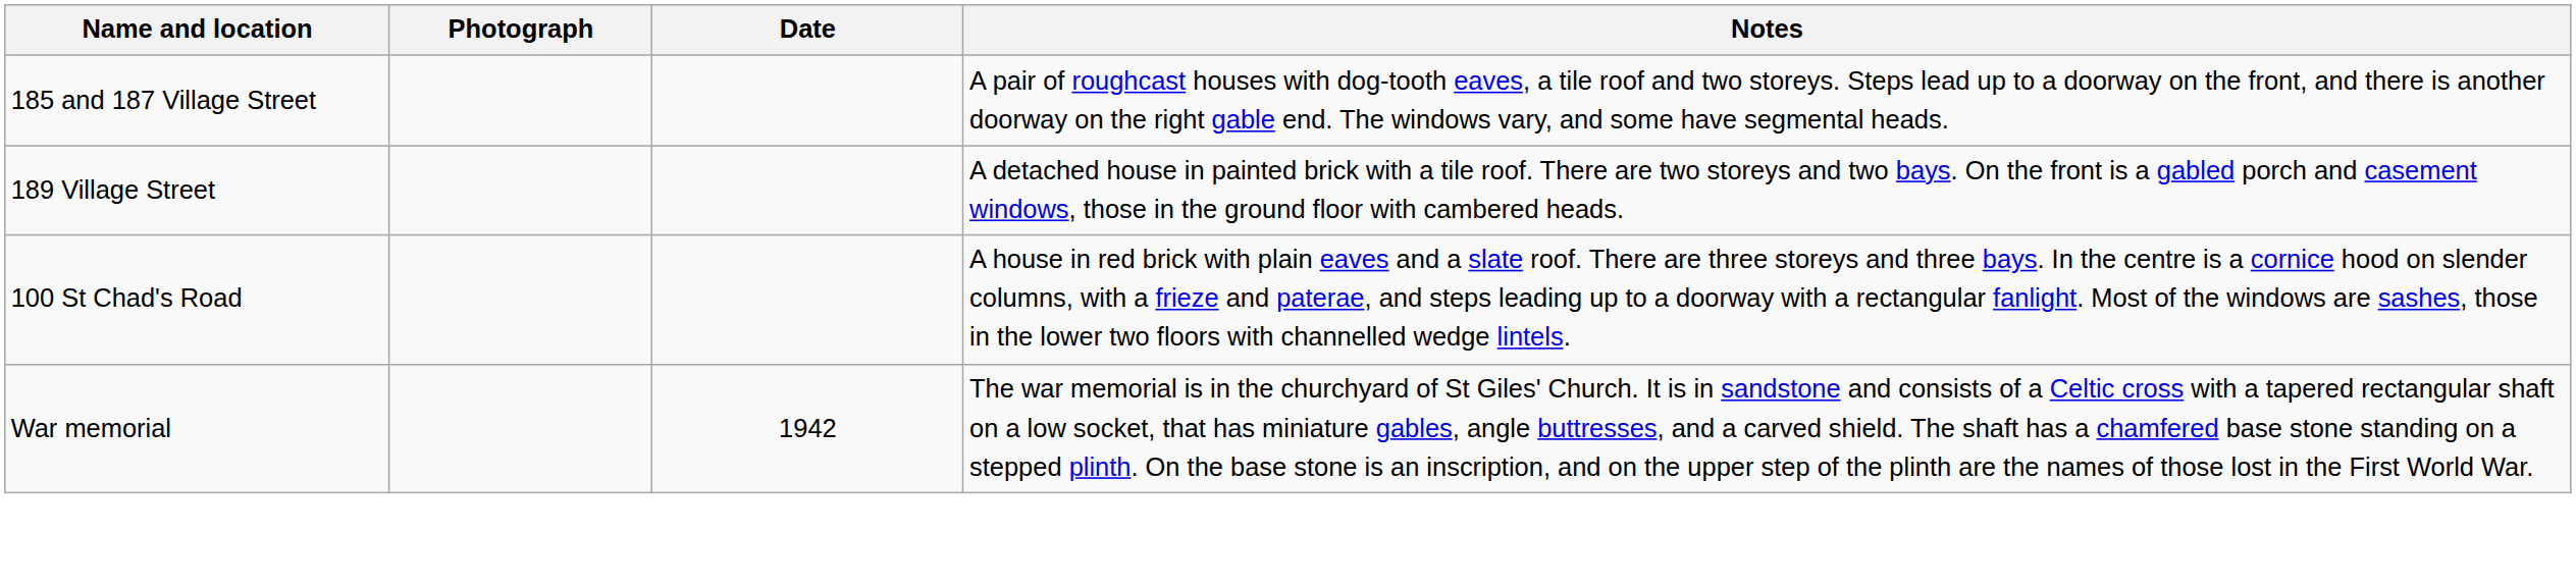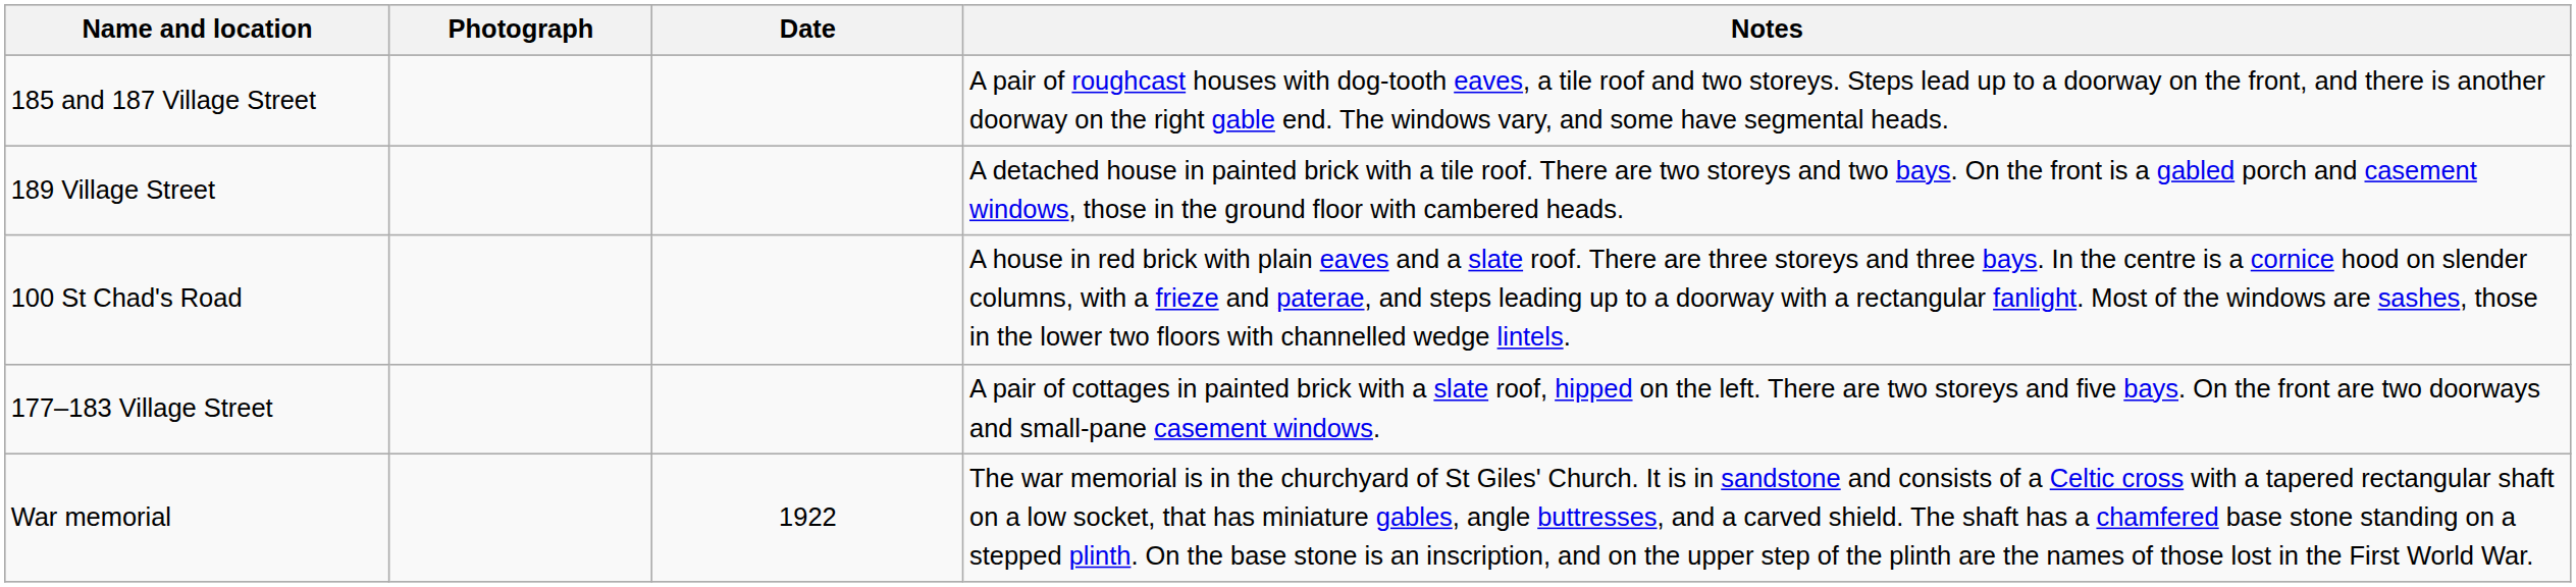 <table class="wikitable sortable plainrowheaders" style="width:100%;border:0px;text-align:left;line-height:150%;">
 <tr>
 <th scope="col"  style="width:150px">Name and location</th>
 <th scope="col"  style="width:100px" class="unsortable">Photograph</th>
 <th scope="col"  style="width:120px">Date</th>
 <th scope="col"  style="width:650px" class="unsortable">Notes</th>
 </tr>
 <tr>
 <td>185 and 187 Village Street<br><small></small></td>
 <td></td>
 <td align="center"></td>
 <td>A pair of <a href='#'>roughcast</a> houses with dog-tooth <a href='#'>eaves</a>, a tile roof and two storeys.  Steps lead up to a doorway on the front, and there is another doorway on the right <a href='#'>gable</a> end.  The windows vary, and some have segmental heads.</td>
 </tr>
 <tr>
 <td>189 Village Street<br><small></small></td>
 <td></td>
 <td align="center"></td>
 <td>A detached house in painted brick with a tile roof.  There are two storeys and two <a href='#'>bays</a>.  On the front is a <a href='#'>gabled</a> porch and <a href='#'>casement windows</a>, those in the ground floor with cambered heads.</td>
 </tr>
 <tr>
 <td>100 St Chad's Road<br><small></small></td>
 <td></td>
 <td align="center"></td>
 <td>A house in red brick with plain <a href='#'>eaves</a> and a <a href='#'>slate</a> roof.  There are three storeys and three <a href='#'>bays</a>.  In the centre is a <a href='#'>cornice</a> hood on slender columns, with a <a href='#'>frieze</a> and <a href='#'>paterae</a>, and steps leading up to a doorway with a rectangular <a href='#'>fanlight</a>.  Most of the windows are <a href='#'>sashes</a>, those in the lower two floors with channelled wedge <a href='#'>lintels</a>.</td>
 </tr>
 <tr>
+<td>177–183 Village Street<br><small></small></td>
+<td></td>
+<td align="center"></td>
+<td>A pair of cottages in painted brick with a <a href='#'>slate</a> roof, <a href='#'>hipped</a> on the left.  There are two storeys and five <a href='#'>bays</a>.  On the front are two doorways and small-pane <a href='#'>casement windows</a>.</td>
+</tr>
+<tr>
 <td>War memorial<br><small></small></td>
 <td></td>
-<td align="center">1942</td>
+<td align="center">1922</td>
 <td>The war memorial is in the churchyard of St Giles' Church.  It is in <a href='#'>sandstone</a> and consists of a <a href='#'>Celtic cross</a> with a tapered rectangular shaft on a low socket, that has miniature <a href='#'>gables</a>, angle <a href='#'>buttresses</a>, and a carved shield.  The shaft has a <a href='#'>chamfered</a> base stone standing on a stepped <a href='#'>plinth</a>.  On the base stone is an inscription, and on the upper step of the plinth are the names of those lost in the First World War.</td>
 </tr>
 <tr>
 </tr>
 </table>
